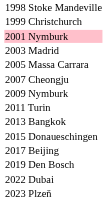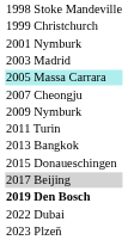 <table>
 <tr>
 <td>1998 Stoke Mandeville</td>
 <td></td>
 <td></td>
 <td></td>
 </tr>
 <tr>
 <td>1999 Christchurch</td>
 <td></td>
 <td></td>
 <td></td>
 </tr>
 <tr>
-<td style="background: pink;">2001 Nymburk</td>
+<td>2001 Nymburk</td>
 <td></td>
 <td></td>
 <td></td>
 </tr>
 <tr>
 <td>2003 Madrid</td>
 <td></td>
 <td></td>
 <td></td>
 </tr>
 <tr>
-<td>2005 Massa Carrara</td>
+<td style="background: paleturquoise;">2005 Massa Carrara</td>
 <td></td>
 <td></td>
 <td></td>
 </tr>
 <tr>
 <td>2007 Cheongju</td>
 <td></td>
 <td></td>
 <td></td>
 </tr>
 <tr>
 <td>2009 Nymburk</td>
 <td></td>
 <td></td>
 <td></td>
 </tr>
 <tr>
 <td>2011 Turin</td>
 <td></td>
 <td></td>
 <td></td>
 </tr>
 <tr>
 <td>2013 Bangkok</td>
 <td></td>
 <td></td>
 <td></td>
 </tr>
 <tr>
 <td>2015 Donaueschingen</td>
 <td></td>
 <td></td>
 <td></td>
 </tr>
 <tr>
-<td>2017 Beijing</td>
+<td style="background: lightgrey;">2017 Beijing</td>
 <td></td>
 <td></td>
 <td></td>
 </tr>
 <tr>
-<td>2019 Den Bosch</td>
+<td><strong>2019 Den Bosch</strong></td>
 <td></td>
 <td></td>
 <td></td>
 </tr>
 <tr>
 <td>2022 Dubai</td>
 <td></td>
 <td></td>
 <td></td>
 </tr>
 <tr>
 <td>2023 Plzeň</td>
 <td></td>
 <td></td>
 <td></td>
 </tr>
 </table>
